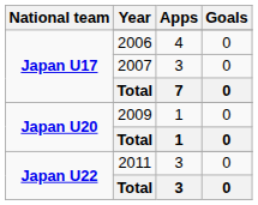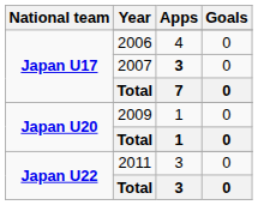 <table class="wikitable" style="font-size:90%; text-align: center">
 <tr>
 <th>National team</th>
 <th>Year</th>
 <th>Apps</th>
 <th>Goals</th>
 </tr>
 <tr>
 <td rowspan="4"><strong><a href='#'>Japan U17</a></strong></td>
 </tr>
 <tr>
 <td>2006</td>
 <td>4</td>
 <td>0</td>
 </tr>
 <tr>
 <td>2007</td>
-<td>3</td>
+<td><strong>3</strong></td>
 <td>0</td>
 </tr>
 <tr>
 <th>Total</th>
 <th>7</th>
 <th>0</th>
 </tr>
 <tr>
 <td rowspan="3"><strong><a href='#'>Japan U20</a></strong></td>
 </tr>
 <tr>
 <td>2009</td>
 <td>1</td>
 <td>0</td>
 </tr>
 <tr>
 <th>Total</th>
 <th>1</th>
 <th>0</th>
 </tr>
 <tr>
 <td rowspan="3"><strong><a href='#'>Japan U22</a></strong></td>
 </tr>
 <tr>
 <td>2011</td>
 <td>3</td>
 <td>0</td>
 </tr>
 <tr>
 <th>Total</th>
 <th>3</th>
 <th>0</th>
 </tr>
 </table>
